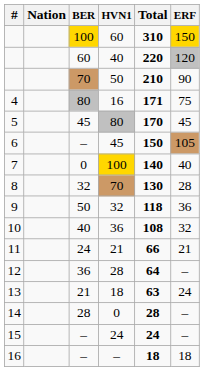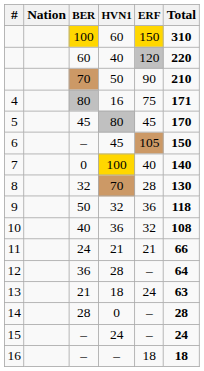 <table class="wikitable sortable" style="text-align:center;">
 <tr>
 <th>#</th>
 <th>Nation</th>
 <th><small>BER</small></th>
 <th><small>HVN1</small></th>
+<th><small>ERF</small></th>
 <th>Total</th>
-<th><small>ERF</small></th>
 </tr>
 <tr>
 <td></td>
 <td align=left></td>
 <td bgcolor="gold">100</td>
 <td>60</td>
+<td bgcolor="gold">150</td>
 <td><strong>310</strong></td>
-<td bgcolor="gold">150</td>
 </tr>
 <tr>
 <td></td>
 <td align=left></td>
 <td>60</td>
 <td>40</td>
+<td bgcolor="silver">120</td>
 <td><strong>220</strong></td>
-<td bgcolor="silver">120</td>
 </tr>
 <tr>
 <td></td>
 <td align=left></td>
 <td bgcolor=CC9966>70</td>
 <td>50</td>
+<td>90</td>
 <td><strong>210</strong></td>
-<td>90</td>
 </tr>
 <tr>
 <td>4</td>
 <td align=left></td>
 <td bgcolor="silver">80</td>
 <td>16</td>
+<td>75</td>
 <td><strong>171</strong></td>
-<td>75</td>
 </tr>
 <tr>
 <td>5</td>
 <td align=left></td>
 <td>45</td>
 <td bgcolor="silver">80</td>
+<td>45</td>
 <td><strong>170</strong></td>
-<td>45</td>
 </tr>
 <tr>
 <td>6</td>
 <td align=left></td>
 <td>–</td>
 <td>45</td>
+<td bgcolor=CC9966>105</td>
 <td><strong>150</strong></td>
-<td bgcolor=CC9966>105</td>
 </tr>
 <tr>
 <td>7</td>
 <td align=left></td>
 <td>0</td>
 <td bgcolor="gold">100</td>
+<td>40</td>
 <td><strong>140</strong></td>
-<td>40</td>
 </tr>
 <tr>
 <td>8</td>
 <td align=left></td>
 <td>32</td>
 <td bgcolor=CC9966>70</td>
+<td>28</td>
 <td><strong>130</strong></td>
-<td>28</td>
 </tr>
 <tr>
 <td>9</td>
 <td align=left></td>
 <td>50</td>
 <td>32</td>
+<td>36</td>
 <td><strong>118</strong></td>
-<td>36</td>
 </tr>
 <tr>
 <td>10</td>
 <td align=left></td>
 <td>40</td>
 <td>36</td>
+<td>32</td>
 <td><strong>108</strong></td>
-<td>32</td>
 </tr>
 <tr>
 <td>11</td>
 <td align=left></td>
 <td>24</td>
 <td>21</td>
+<td>21</td>
 <td><strong>66</strong></td>
-<td>21</td>
 </tr>
 <tr>
 <td>12</td>
 <td align=left></td>
 <td>36</td>
 <td>28</td>
+<td>–</td>
 <td><strong>64</strong></td>
-<td>–</td>
 </tr>
 <tr>
 <td>13</td>
 <td align=left></td>
 <td>21</td>
 <td>18</td>
+<td>24</td>
 <td><strong>63</strong></td>
-<td>24</td>
 </tr>
 <tr>
 <td>14</td>
 <td align=left></td>
 <td>28</td>
 <td>0</td>
+<td>–</td>
 <td><strong>28</strong></td>
-<td>–</td>
 </tr>
 <tr>
 <td>15</td>
 <td align=left></td>
 <td>–</td>
 <td>24</td>
+<td>–</td>
 <td><strong>24</strong></td>
-<td>–</td>
 </tr>
 <tr>
 <td>16</td>
 <td align=left></td>
 <td>–</td>
 <td>–</td>
+<td>18</td>
 <td><strong>18</strong></td>
-<td>18</td>
 </tr>
 </table>
